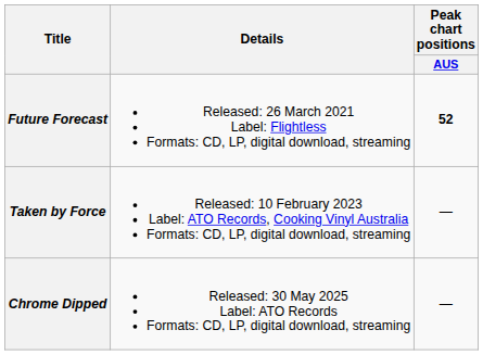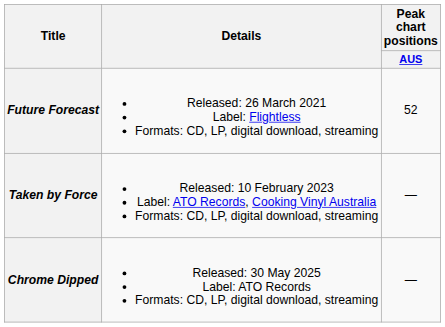 <table class="wikitable plainrowheaders" style="text-align:center;">
 <tr>
 <th scope="col" rowspan="2">Title</th>
 <th scope="col" rowspan="2">Details</th>
 <th scope="col">Peak chart positions</th>
 </tr>
 <tr>
 <th scope="col" style="width:3em;font-size:90%;"><a href='#'>AUS</a><br></th>
 </tr>
 <tr>
 <th scope="row"><em>Future Forecast</em></th>
 <td><br><ul><li>Released: 26 March 2021</li><li>Label: <a href='#'>Flightless</a></li><li>Formats: CD, LP, digital download, streaming</li></ul></td>
-<td><strong>52</strong></td>
+<td>52</td>
 </tr>
 <tr>
 <th scope="row"><em>Taken by Force</em></th>
 <td><br><ul><li>Released: 10 February 2023</li><li>Label: <a href='#'>ATO Records</a>, <a href='#'>Cooking Vinyl Australia</a></li><li>Formats: CD, LP, digital download, streaming</li></ul></td>
 <td>—</td>
 </tr>
 <tr>
 <th scope="row"><em>Chrome Dipped</em></th>
 <td><br><ul><li>Released: 30 May 2025</li><li>Label: ATO Records</li><li>Formats: CD, LP, digital download, streaming</li></ul></td>
 <td>—</td>
 </tr>
 </table>
